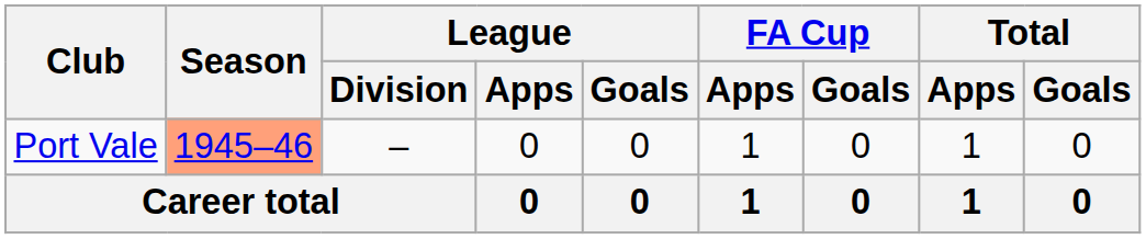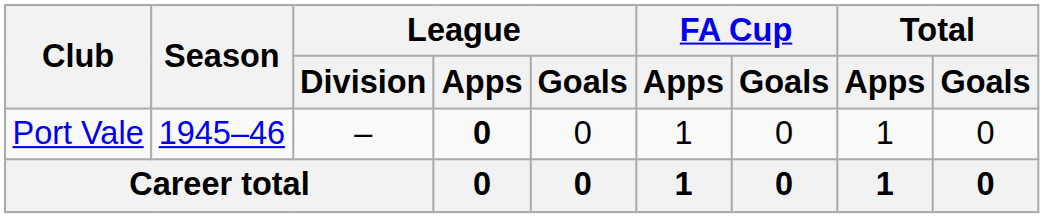 <table class="wikitable" style="text-align:center">
 <tr>
 <th rowspan="2">Club</th>
 <th rowspan="2">Season</th>
 <th colspan="3">League</th>
 <th colspan="2"><a href='#'>FA Cup</a></th>
 <th colspan="2">Total</th>
 </tr>
 <tr>
 <th>Division</th>
 <th>Apps</th>
 <th>Goals</th>
 <th>Apps</th>
 <th>Goals</th>
 <th>Apps</th>
 <th>Goals</th>
 </tr>
 <tr>
 <td><a href='#'>Port Vale</a></td>
-<td style="background: lightsalmon;"><a href='#'>1945–46</a></td>
+<td><a href='#'>1945–46</a></td>
 <td>–</td>
-<td>0</td>
+<td><strong>0</strong></td>
 <td>0</td>
 <td>1</td>
 <td>0</td>
 <td>1</td>
 <td>0</td>
 </tr>
 <tr>
 <th colspan="3">Career total</th>
 <th>0</th>
 <th>0</th>
 <th>1</th>
 <th>0</th>
 <th>1</th>
 <th>0</th>
 </tr>
 </table>
